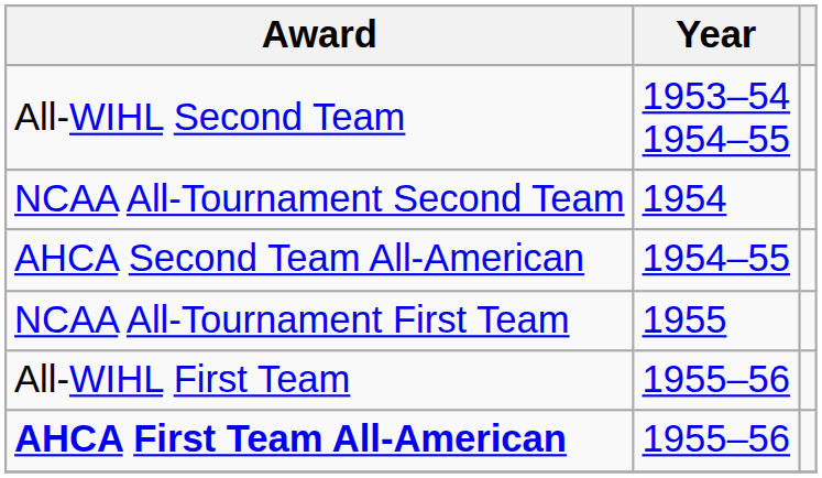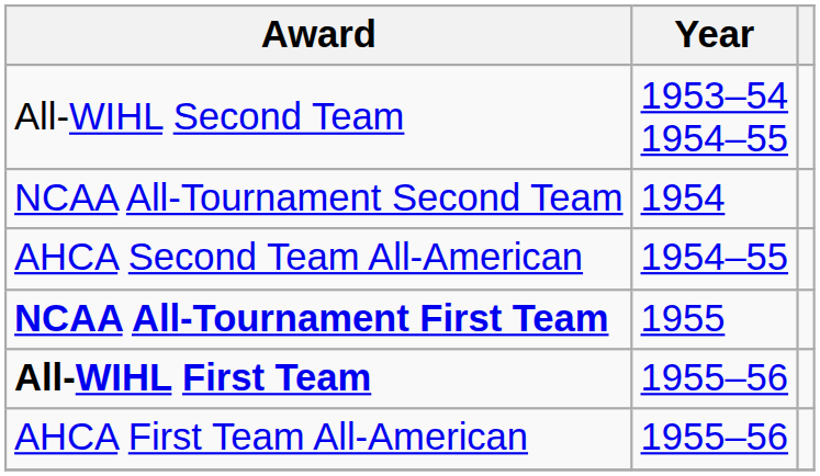 <table class="wikitable">
 <tr>
 <th>Award</th>
 <th>Year</th>
 <th></th>
 </tr>
 <tr>
 <td>All-<a href='#'>WIHL</a> <a href='#'>Second Team</a></td>
 <td><a href='#'>1953–54</a><br><a href='#'>1954–55</a></td>
 <td></td>
 </tr>
 <tr>
 <td><a href='#'>NCAA</a> <a href='#'>All-Tournament Second Team</a></td>
 <td><a href='#'>1954</a></td>
 <td></td>
 </tr>
 <tr>
 <td><a href='#'>AHCA</a> <a href='#'>Second Team All-American</a></td>
 <td><a href='#'>1954–55</a></td>
 <td></td>
 </tr>
 <tr>
-<td><a href='#'>NCAA</a> <a href='#'>All-Tournament First Team</a></td>
+<td><strong><a href='#'>NCAA</a> <a href='#'>All-Tournament First Team</a></strong></td>
 <td><a href='#'>1955</a></td>
 <td></td>
 </tr>
 <tr>
-<td>All-<a href='#'>WIHL</a> <a href='#'>First Team</a></td>
+<td><strong>All-<a href='#'>WIHL</a> <a href='#'>First Team</a></strong></td>
 <td><a href='#'>1955–56</a></td>
 <td></td>
 </tr>
 <tr>
-<td><strong><a href='#'>AHCA</a> <a href='#'>First Team All-American</a></strong></td>
+<td><a href='#'>AHCA</a> <a href='#'>First Team All-American</a></td>
 <td><a href='#'>1955–56</a></td>
 <td></td>
 </tr>
 <tr>
 </tr>
 </table>
